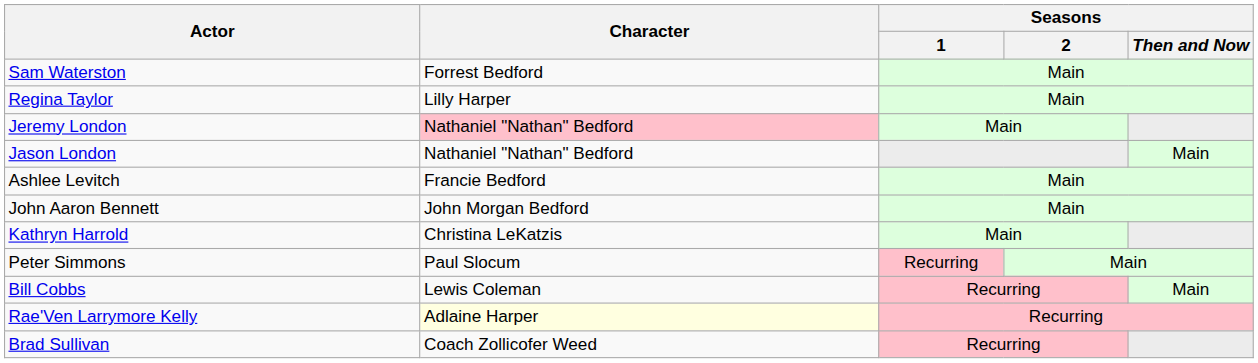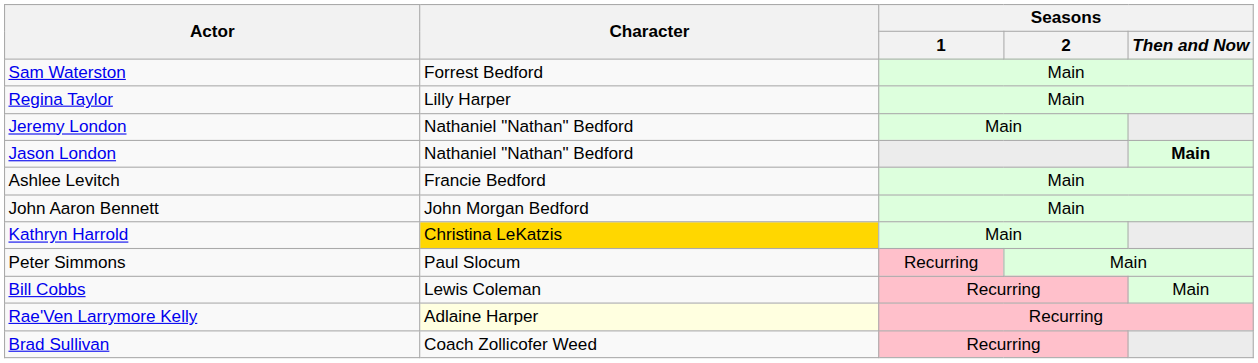 <table class="wikitable">
 <tr>
 <th rowspan="2">Actor</th>
 <th rowspan="2">Character</th>
 <th colspan="3">Seasons</th>
 </tr>
 <tr>
 <th width="10%">1</th>
 <th width="10%">2</th>
 <th width="10%"><em>Then and Now</em></th>
 </tr>
 <tr>
 <td><a href='#'>Sam Waterston</a></td>
 <td>Forrest Bedford</td>
 <td style="background: #ddffdd" colspan="3" align="center">Main</td>
 </tr>
 <tr>
 <td><a href='#'>Regina Taylor</a></td>
 <td>Lilly Harper</td>
 <td style="background: #ddffdd" colspan="3" align="center">Main</td>
 </tr>
 <tr>
 <td><a href='#'>Jeremy London</a></td>
-<td style="background: pink;">Nathaniel "Nathan" Bedford</td>
+<td>Nathaniel "Nathan" Bedford</td>
 <td style="background: #ddffdd" colspan="2" align="center">Main</td>
 <td colspan="1" style="background: #ececec; color: grey; vertical-align: middle; text-align: center; " class="table-na"></td>
 </tr>
 <tr>
 <td><a href='#'>Jason London</a></td>
 <td>Nathaniel "Nathan" Bedford</td>
 <td colspan="2" style="background: #ececec; color: grey; vertical-align: middle; text-align: center; " class="table-na"></td>
-<td style="background: #ddffdd" colspan="1" align="center">Main</td>
+<td style="background: #ddffdd" colspan="1" align="center"><strong>Main</strong></td>
 </tr>
 <tr>
 <td>Ashlee Levitch</td>
 <td>Francie Bedford</td>
 <td style="background: #ddffdd" colspan="3" align="center">Main</td>
 </tr>
 <tr>
 <td>John Aaron Bennett</td>
 <td>John Morgan Bedford</td>
 <td style="background: #ddffdd" colspan="3" align="center">Main</td>
 </tr>
 <tr>
 <td><a href='#'>Kathryn Harrold</a></td>
-<td>Christina LeKatzis</td>
+<td style="background: gold;">Christina LeKatzis</td>
 <td style="background: #ddffdd" colspan="2" align="center">Main</td>
 <td colspan="1" style="background: #ececec; color: grey; vertical-align: middle; text-align: center; " class="table-na"></td>
 </tr>
 <tr>
 <td>Peter Simmons</td>
 <td>Paul Slocum</td>
 <td style="background: pink" colspan="1" align="center">Recurring</td>
 <td style="background: #ddffdd" colspan="2" align="center">Main</td>
 </tr>
 <tr>
 <td><a href='#'>Bill Cobbs</a></td>
 <td>Lewis Coleman</td>
 <td style="background: pink" colspan="2" align="center">Recurring</td>
 <td style="background: #ddffdd" colspan="1" align="center">Main</td>
 </tr>
 <tr>
 <td><a href='#'>Rae'Ven Larrymore Kelly</a></td>
 <td style="background: lightyellow;">Adlaine Harper</td>
 <td style="background: pink" colspan="3" align="center">Recurring</td>
 </tr>
 <tr>
 <td><a href='#'>Brad Sullivan</a></td>
 <td>Coach Zollicofer Weed</td>
 <td style="background: pink" colspan="2" align="center">Recurring</td>
 <td colspan="1" style="background: #ececec; color: grey; vertical-align: middle; text-align: center; " class="table-na"></td>
 </tr>
 </table>
